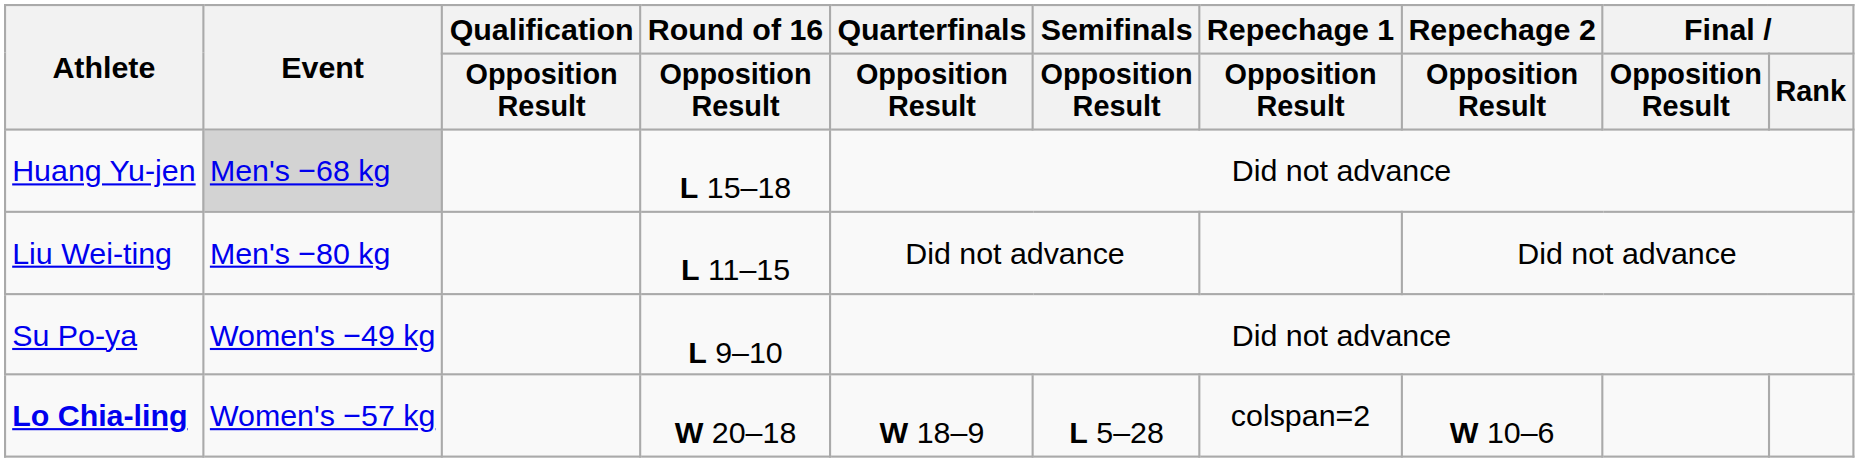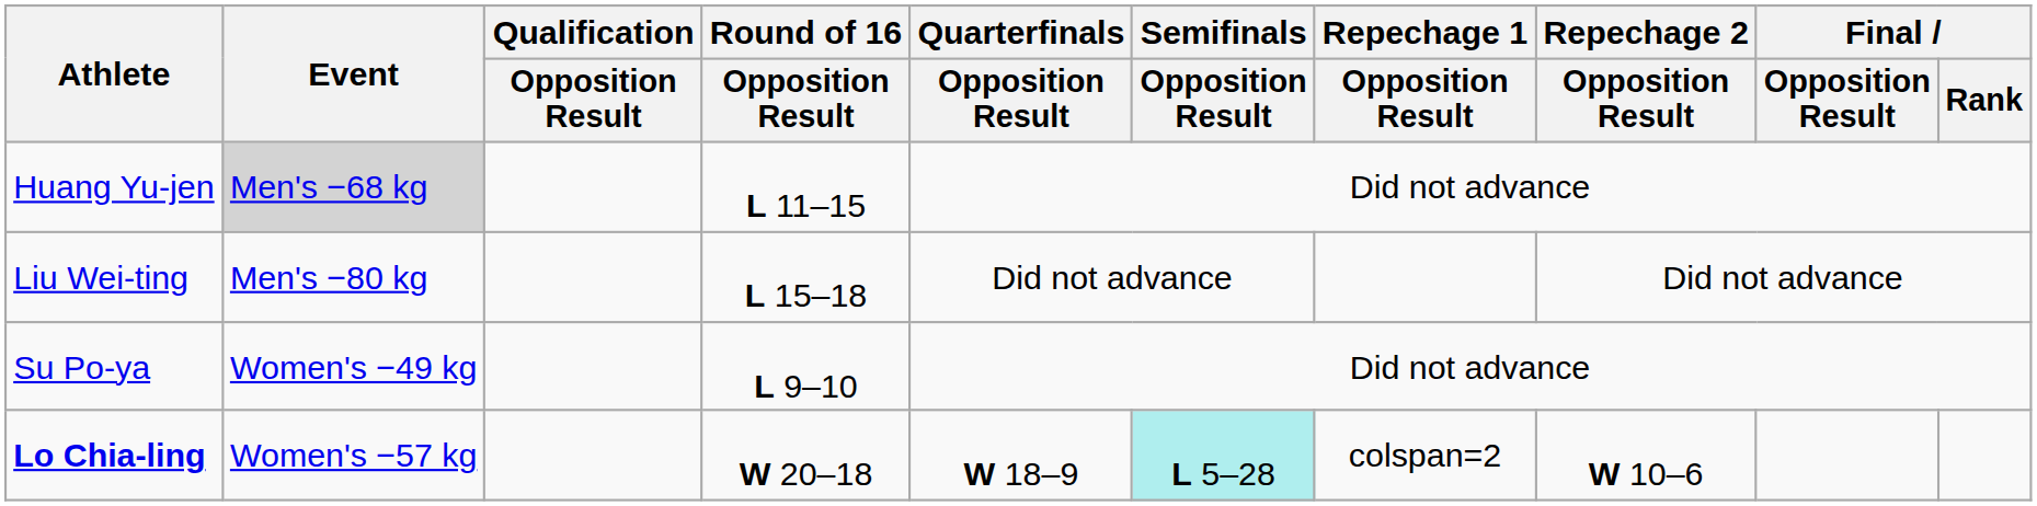 <table class="wikitable" style="font-size:90%; text-align:center">
 <tr>
 <th rowspan="2">Athlete</th>
 <th rowspan="2">Event</th>
 <th>Qualification</th>
 <th>Round of 16</th>
 <th>Quarterfinals</th>
 <th>Semifinals</th>
 <th>Repechage 1</th>
 <th>Repechage 2</th>
 <th colspan="2">Final / </th>
 </tr>
 <tr style="font-size:95%">
 <th>Opposition<br>Result</th>
 <th>Opposition<br>Result</th>
 <th>Opposition<br>Result</th>
 <th>Opposition<br>Result</th>
 <th>Opposition<br>Result</th>
 <th>Opposition<br>Result</th>
 <th>Opposition<br>Result</th>
 <th>Rank</th>
 </tr>
 <tr>
 <td align="left"><a href='#'>Huang Yu-jen</a></td>
 <td align="left" style="background: lightgrey;"><a href='#'>Men's −68 kg</a></td>
 <td></td>
-<td><br><strong>L</strong> 15–18</td>
+<td><br><strong>L</strong> 11–15</td>
 <td colspan=6>Did not advance</td>
 </tr>
 <tr>
 <td align="left"><a href='#'>Liu Wei-ting</a></td>
 <td align="left"><a href='#'>Men's −80 kg</a></td>
 <td></td>
-<td><br><strong>L</strong> 11–15</td>
+<td><br><strong>L</strong> 15–18</td>
 <td colspan=2>Did not advance</td>
 <td></td>
 <td colspan=3>Did not advance</td>
 </tr>
 <tr>
 <td align="left"><a href='#'>Su Po-ya</a></td>
 <td align="left"><a href='#'>Women's −49 kg</a></td>
 <td></td>
 <td><br><strong>L</strong> 9–10</td>
 <td colspan=7>Did not advance</td>
 </tr>
 <tr>
 <td align="left"><strong><a href='#'>Lo Chia-ling</a></strong></td>
 <td align="left"><a href='#'>Women's −57 kg</a></td>
 <td></td>
 <td><br><strong>W</strong> 20–18</td>
 <td><br><strong>W</strong> 18–9</td>
-<td><br><strong>L</strong> 5–28</td>
+<td style="background: paleturquoise;"><br><strong>L</strong> 5–28</td>
 <td>colspan=2 </td>
 <td><br><strong>W</strong> 10–6</td>
 <td></td>
 </tr>
 </table>
